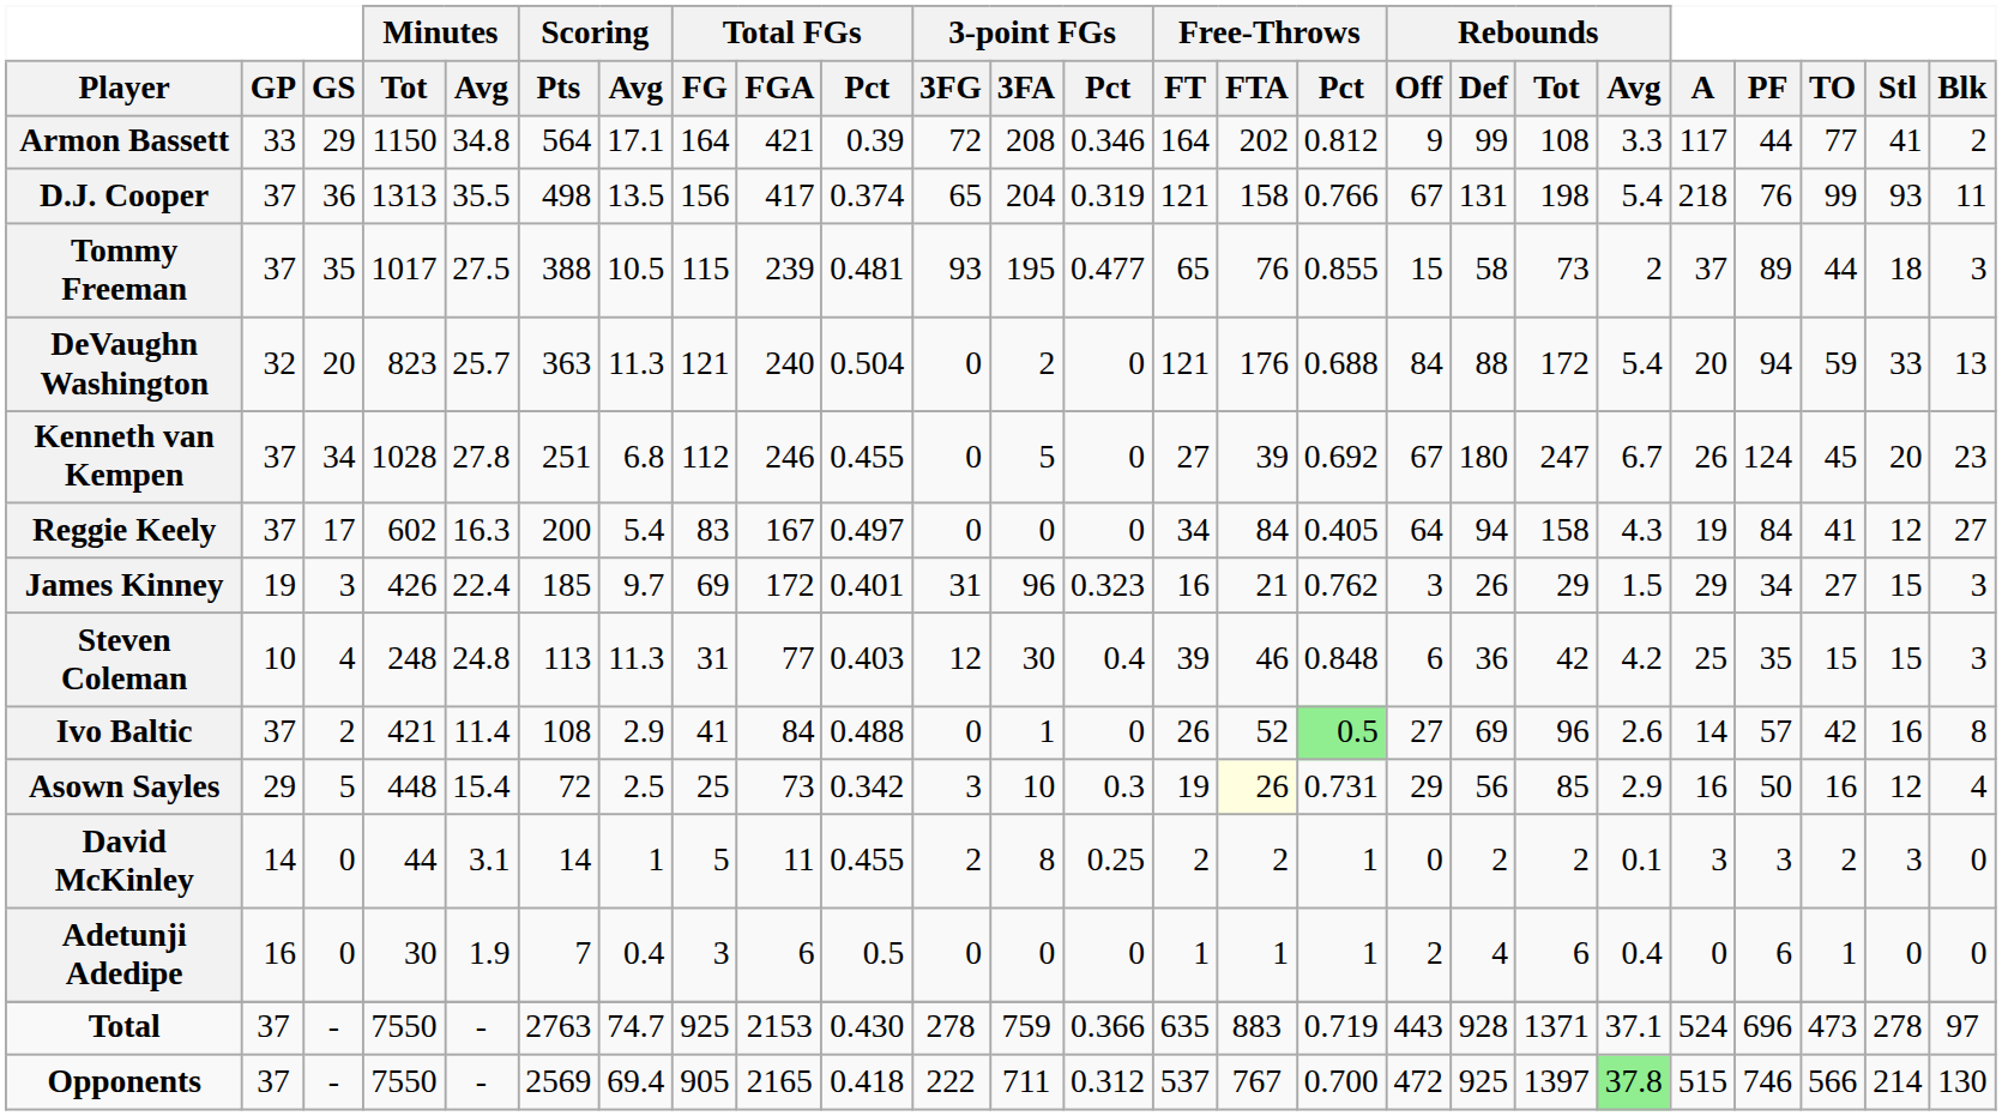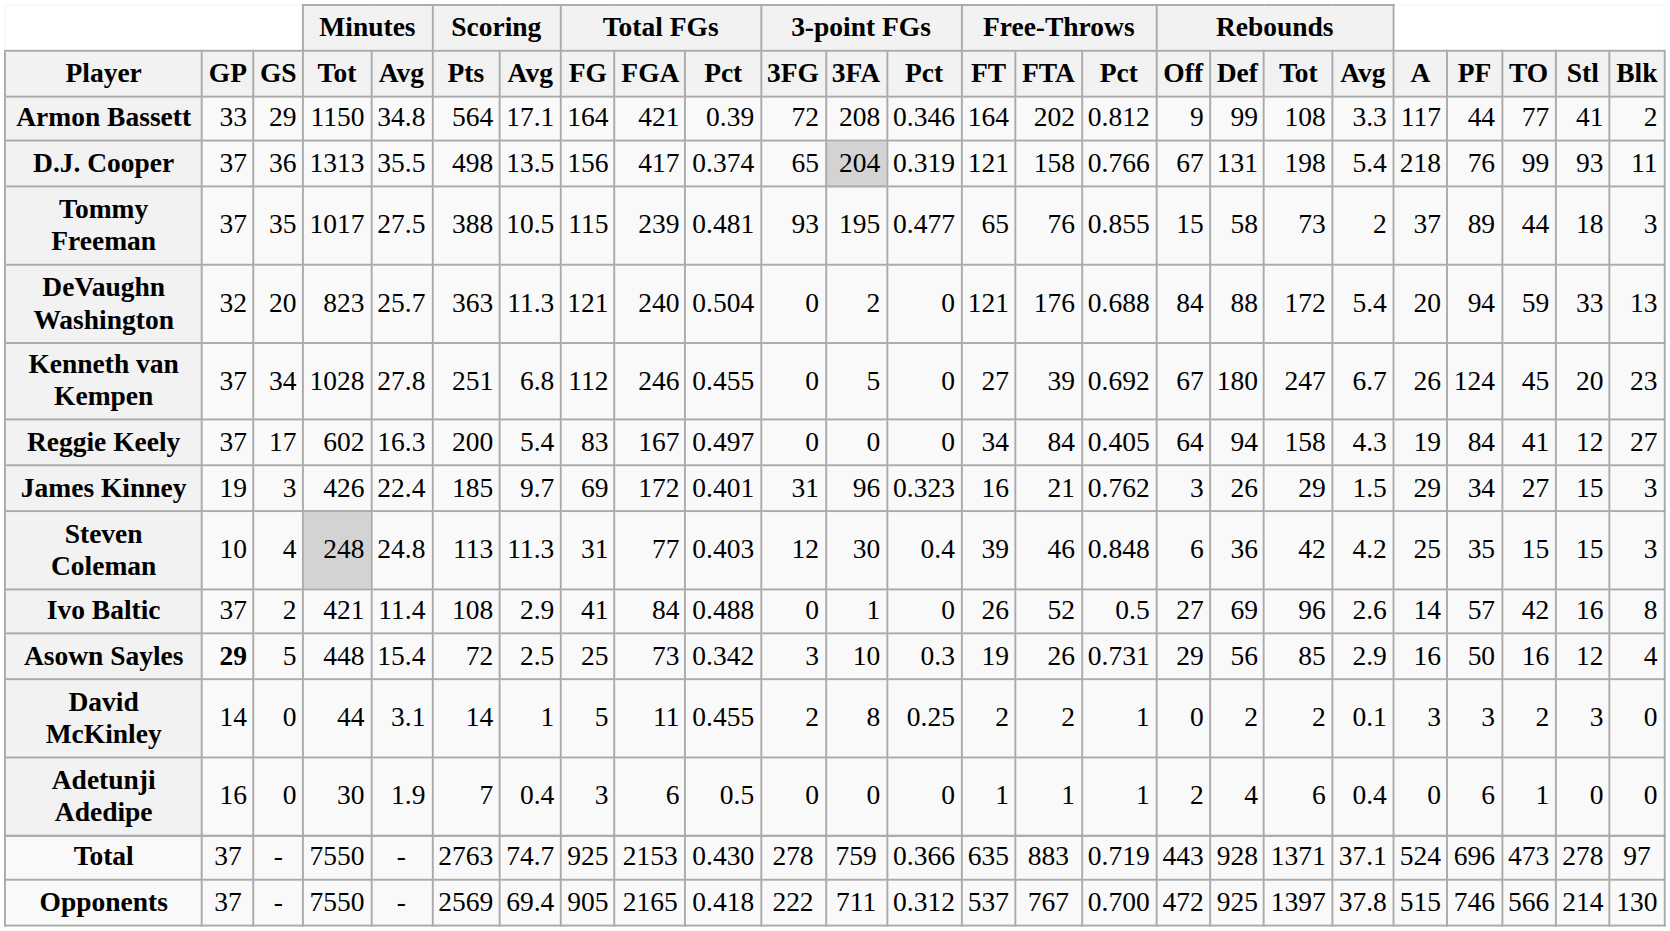 <table class="wikitable sortable" border="1" style="font-size:90%;">
 <tr>
 <th colspan="3" style="border-top-style:hidden; border-left-style:hidden; background: white;"></th>
 <th colspan="2" style=>Minutes</th>
 <th colspan="2" style=>Scoring</th>
 <th colspan="3" style=>Total FGs</th>
 <th colspan="3" style=>3-point FGs</th>
 <th colspan="3" style=>Free-Throws</th>
 <th colspan="4" style=>Rebounds</th>
 <th colspan="5" style="border-top-style:hidden; border-right-style:hidden; background: white;"></th>
 </tr>
 <tr>
 <th scope="col" style=>Player</th>
 <th scope="col" style=>GP</th>
 <th scope="col" style=>GS</th>
 <th scope="col" style=>Tot</th>
 <th scope="col" style=>Avg</th>
 <th scope="col" style=>Pts</th>
 <th scope="col" style=>Avg</th>
 <th scope="col" style=>FG</th>
 <th scope="col" style=>FGA</th>
 <th scope="col" style=>Pct</th>
 <th scope="col" style=>3FG</th>
 <th scope="col" style=>3FA</th>
 <th scope="col" style=>Pct</th>
 <th scope="col" style=>FT</th>
 <th scope="col" style=>FTA</th>
 <th scope="col" style=>Pct</th>
 <th scope="col" style=>Off</th>
 <th scope="col" style=>Def</th>
 <th scope="col" style=>Tot</th>
 <th scope="col" style=>Avg</th>
 <th scope="col" style=>A</th>
 <th scope="col" style=>PF</th>
 <th scope="col" style=>TO</th>
 <th scope="col" style=>Stl</th>
 <th scope="col" style=>Blk</th>
 </tr>
 <tr>
 <th>Armon Bassett</th>
 <td align="right">33</td>
 <td align="right">29</td>
 <td align="right">1150</td>
 <td align="right">34.8</td>
 <td align="right">564</td>
 <td align="right">17.1</td>
 <td align="right">164</td>
 <td align="right">421</td>
 <td align="right">0.39</td>
 <td align="right">72</td>
 <td align="right">208</td>
 <td align="right">0.346</td>
 <td align="right">164</td>
 <td align="right">202</td>
 <td align="right">0.812</td>
 <td align="right">9</td>
 <td align="right">99</td>
 <td align="right">108</td>
 <td align="right">3.3</td>
 <td align="right">117</td>
 <td align="right">44</td>
 <td align="right">77</td>
 <td align="right">41</td>
 <td align="right">2</td>
 </tr>
 <tr>
 <th>D.J. Cooper</th>
 <td align="right">37</td>
 <td align="right">36</td>
 <td align="right">1313</td>
 <td align="right">35.5</td>
 <td align="right">498</td>
 <td align="right">13.5</td>
 <td align="right">156</td>
 <td align="right">417</td>
 <td align="right">0.374</td>
 <td align="right">65</td>
-<td align="right">204</td>
+<td align="right" style="background: lightgrey;">204</td>
 <td align="right">0.319</td>
 <td align="right">121</td>
 <td align="right">158</td>
 <td align="right">0.766</td>
 <td align="right">67</td>
 <td align="right">131</td>
 <td align="right">198</td>
 <td align="right">5.4</td>
 <td align="right">218</td>
 <td align="right">76</td>
 <td align="right">99</td>
 <td align="right">93</td>
 <td align="right">11</td>
 </tr>
 <tr>
 <th>Tommy Freeman</th>
 <td align="right">37</td>
 <td align="right">35</td>
 <td align="right">1017</td>
 <td align="right">27.5</td>
 <td align="right">388</td>
 <td align="right">10.5</td>
 <td align="right">115</td>
 <td align="right">239</td>
 <td align="right">0.481</td>
 <td align="right">93</td>
 <td align="right">195</td>
 <td align="right">0.477</td>
 <td align="right">65</td>
 <td align="right">76</td>
 <td align="right">0.855</td>
 <td align="right">15</td>
 <td align="right">58</td>
 <td align="right">73</td>
 <td align="right">2</td>
 <td align="right">37</td>
 <td align="right">89</td>
 <td align="right">44</td>
 <td align="right">18</td>
 <td align="right">3</td>
 </tr>
 <tr>
 <th>DeVaughn Washington</th>
 <td align="right">32</td>
 <td align="right">20</td>
 <td align="right">823</td>
 <td align="right">25.7</td>
 <td align="right">363</td>
 <td align="right">11.3</td>
 <td align="right">121</td>
 <td align="right">240</td>
 <td align="right">0.504</td>
 <td align="right">0</td>
 <td align="right">2</td>
 <td align="right">0</td>
 <td align="right">121</td>
 <td align="right">176</td>
 <td align="right">0.688</td>
 <td align="right">84</td>
 <td align="right">88</td>
 <td align="right">172</td>
 <td align="right">5.4</td>
 <td align="right">20</td>
 <td align="right">94</td>
 <td align="right">59</td>
 <td align="right">33</td>
 <td align="right">13</td>
 </tr>
 <tr>
 <th>Kenneth van Kempen</th>
 <td align="right">37</td>
 <td align="right">34</td>
 <td align="right">1028</td>
 <td align="right">27.8</td>
 <td align="right">251</td>
 <td align="right">6.8</td>
 <td align="right">112</td>
 <td align="right">246</td>
 <td align="right">0.455</td>
 <td align="right">0</td>
 <td align="right">5</td>
 <td align="right">0</td>
 <td align="right">27</td>
 <td align="right">39</td>
 <td align="right">0.692</td>
 <td align="right">67</td>
 <td align="right">180</td>
 <td align="right">247</td>
 <td align="right">6.7</td>
 <td align="right">26</td>
 <td align="right">124</td>
 <td align="right">45</td>
 <td align="right">20</td>
 <td align="right">23</td>
 </tr>
 <tr>
 <th>Reggie Keely</th>
 <td align="right">37</td>
 <td align="right">17</td>
 <td align="right">602</td>
 <td align="right">16.3</td>
 <td align="right">200</td>
 <td align="right">5.4</td>
 <td align="right">83</td>
 <td align="right">167</td>
 <td align="right">0.497</td>
 <td align="right">0</td>
 <td align="right">0</td>
 <td align="right">0</td>
 <td align="right">34</td>
 <td align="right">84</td>
 <td align="right">0.405</td>
 <td align="right">64</td>
 <td align="right">94</td>
 <td align="right">158</td>
 <td align="right">4.3</td>
 <td align="right">19</td>
 <td align="right">84</td>
 <td align="right">41</td>
 <td align="right">12</td>
 <td align="right">27</td>
 </tr>
 <tr>
 <th>James Kinney</th>
 <td align="right">19</td>
 <td align="right">3</td>
 <td align="right">426</td>
 <td align="right">22.4</td>
 <td align="right">185</td>
 <td align="right">9.7</td>
 <td align="right">69</td>
 <td align="right">172</td>
 <td align="right">0.401</td>
 <td align="right">31</td>
 <td align="right">96</td>
 <td align="right">0.323</td>
 <td align="right">16</td>
 <td align="right">21</td>
 <td align="right">0.762</td>
 <td align="right">3</td>
 <td align="right">26</td>
 <td align="right">29</td>
 <td align="right">1.5</td>
 <td align="right">29</td>
 <td align="right">34</td>
 <td align="right">27</td>
 <td align="right">15</td>
 <td align="right">3</td>
 </tr>
 <tr>
 <th>Steven Coleman</th>
 <td align="right">10</td>
 <td align="right">4</td>
-<td align="right">248</td>
+<td align="right" style="background: lightgrey;">248</td>
 <td align="right">24.8</td>
 <td align="right">113</td>
 <td align="right">11.3</td>
 <td align="right">31</td>
 <td align="right">77</td>
 <td align="right">0.403</td>
 <td align="right">12</td>
 <td align="right">30</td>
 <td align="right">0.4</td>
 <td align="right">39</td>
 <td align="right">46</td>
 <td align="right">0.848</td>
 <td align="right">6</td>
 <td align="right">36</td>
 <td align="right">42</td>
 <td align="right">4.2</td>
 <td align="right">25</td>
 <td align="right">35</td>
 <td align="right">15</td>
 <td align="right">15</td>
 <td align="right">3</td>
 </tr>
 <tr>
 <th>Ivo Baltic</th>
 <td align="right">37</td>
 <td align="right">2</td>
 <td align="right">421</td>
 <td align="right">11.4</td>
 <td align="right">108</td>
 <td align="right">2.9</td>
 <td align="right">41</td>
 <td align="right">84</td>
 <td align="right">0.488</td>
 <td align="right">0</td>
 <td align="right">1</td>
 <td align="right">0</td>
 <td align="right">26</td>
 <td align="right">52</td>
-<td align="right" style="background: lightgreen;">0.5</td>
+<td align="right">0.5</td>
 <td align="right">27</td>
 <td align="right">69</td>
 <td align="right">96</td>
 <td align="right">2.6</td>
 <td align="right">14</td>
 <td align="right">57</td>
 <td align="right">42</td>
 <td align="right">16</td>
 <td align="right">8</td>
 </tr>
 <tr>
 <th>Asown Sayles</th>
-<td align="right">29</td>
+<td align="right"><strong>29</strong></td>
 <td align="right">5</td>
 <td align="right">448</td>
 <td align="right">15.4</td>
 <td align="right">72</td>
 <td align="right">2.5</td>
 <td align="right">25</td>
 <td align="right">73</td>
 <td align="right">0.342</td>
 <td align="right">3</td>
 <td align="right">10</td>
 <td align="right">0.3</td>
 <td align="right">19</td>
-<td align="right" style="background: lightyellow;">26</td>
+<td align="right">26</td>
 <td align="right">0.731</td>
 <td align="right">29</td>
 <td align="right">56</td>
 <td align="right">85</td>
 <td align="right">2.9</td>
 <td align="right">16</td>
 <td align="right">50</td>
 <td align="right">16</td>
 <td align="right">12</td>
 <td align="right">4</td>
 </tr>
 <tr>
 <th>David McKinley</th>
 <td align="right">14</td>
 <td align="right">0</td>
 <td align="right">44</td>
 <td align="right">3.1</td>
 <td align="right">14</td>
 <td align="right">1</td>
 <td align="right">5</td>
 <td align="right">11</td>
 <td align="right">0.455</td>
 <td align="right">2</td>
 <td align="right">8</td>
 <td align="right">0.25</td>
 <td align="right">2</td>
 <td align="right">2</td>
 <td align="right">1</td>
 <td align="right">0</td>
 <td align="right">2</td>
 <td align="right">2</td>
 <td align="right">0.1</td>
 <td align="right">3</td>
 <td align="right">3</td>
 <td align="right">2</td>
 <td align="right">3</td>
 <td align="right">0</td>
 </tr>
 <tr>
 <th>Adetunji Adedipe</th>
 <td align="right">16</td>
 <td align="right">0</td>
 <td align="right">30</td>
 <td align="right">1.9</td>
 <td align="right">7</td>
 <td align="right">0.4</td>
 <td align="right">3</td>
 <td align="right">6</td>
 <td align="right">0.5</td>
 <td align="right">0</td>
 <td align="right">0</td>
 <td align="right">0</td>
 <td align="right">1</td>
 <td align="right">1</td>
 <td align="right">1</td>
 <td align="right">2</td>
 <td align="right">4</td>
 <td align="right">6</td>
 <td align="right">0.4</td>
 <td align="right">0</td>
 <td align="right">6</td>
 <td align="right">1</td>
 <td align="right">0</td>
 <td align="right">0</td>
 </tr>
 <tr>
 </tr>
 <tr class="sortbottom">
 <td align="center" style=><strong>Total</strong></td>
 <td align="center" style=>37</td>
 <td align="center" style=>-</td>
 <td align="center" style=>7550</td>
 <td align="center" style=>-</td>
 <td align="center" style=>2763</td>
 <td align="center" style=>74.7</td>
 <td align="center" style=>925</td>
 <td align="center" style=>2153</td>
 <td align="center" style=>0.430</td>
 <td align="center" style=>278</td>
 <td align="center" style=>759</td>
 <td align="center" style=>0.366</td>
 <td align="center" style=>635</td>
 <td align="center" style=>883</td>
 <td align="center" style=>0.719</td>
 <td align="center" style=>443</td>
 <td align="center" style=>928</td>
 <td align="center" style=>1371</td>
 <td align="center" style=>37.1</td>
 <td align="center" style=>524</td>
 <td align="center" style=>696</td>
 <td align="center" style=>473</td>
 <td align="center" style=>278</td>
 <td align="center" style=>97</td>
 </tr>
 <tr class="sortbottom">
 <td align="center"><strong>Opponents</strong></td>
 <td align="center">37</td>
 <td align="center">-</td>
 <td align="center">7550</td>
 <td align="center">-</td>
 <td align="center">2569</td>
 <td align="center">69.4</td>
 <td align="center">905</td>
 <td align="center">2165</td>
 <td align="center">0.418</td>
 <td align="center">222</td>
 <td align="center">711</td>
 <td align="center">0.312</td>
 <td align="center">537</td>
 <td align="center">767</td>
 <td align="center">0.700</td>
 <td align="center">472</td>
 <td align="center">925</td>
 <td align="center">1397</td>
-<td align="center" style="background: lightgreen;">37.8</td>
+<td align="center">37.8</td>
 <td align="center">515</td>
 <td align="center">746</td>
 <td align="center">566</td>
 <td align="center">214</td>
 <td align="center">130</td>
 </tr>
 </table>
